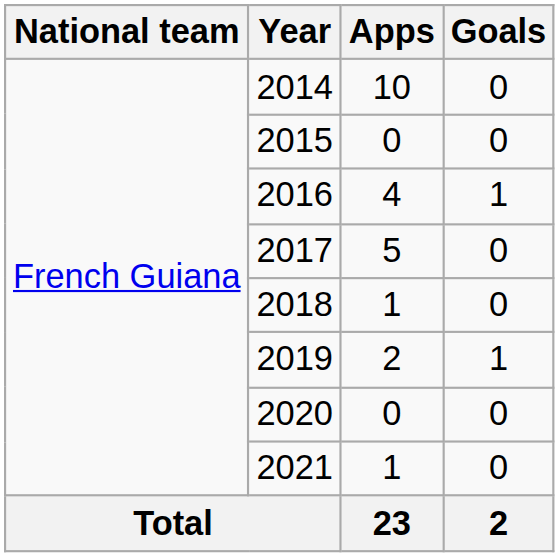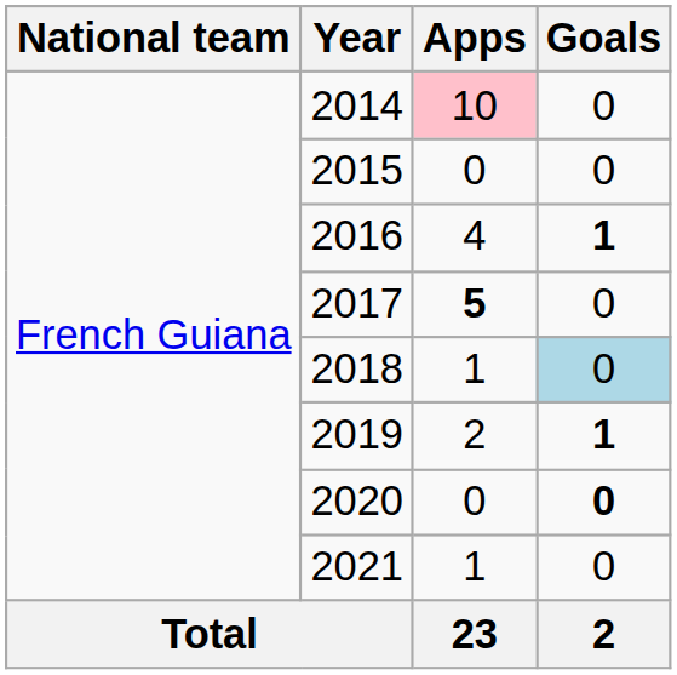 <table class="wikitable" style="text-align:center">
 <tr>
 <th>National team</th>
 <th>Year</th>
 <th>Apps</th>
 <th>Goals</th>
 </tr>
 <tr>
 <td rowspan="8"><a href='#'>French Guiana</a></td>
 <td>2014</td>
-<td>10</td>
+<td style="background: pink;">10</td>
 <td>0</td>
 </tr>
 <tr>
 <td>2015</td>
 <td>0</td>
 <td>0</td>
 </tr>
 <tr>
 <td>2016</td>
 <td>4</td>
-<td>1</td>
+<td><strong>1</strong></td>
 </tr>
 <tr>
 <td>2017</td>
-<td>5</td>
+<td><strong>5</strong></td>
 <td>0</td>
 </tr>
 <tr>
 <td>2018</td>
 <td>1</td>
-<td>0</td>
+<td style="background: lightblue;">0</td>
 </tr>
 <tr>
 <td>2019</td>
 <td>2</td>
-<td>1</td>
+<td><strong>1</strong></td>
 </tr>
 <tr>
 <td>2020</td>
 <td>0</td>
-<td>0</td>
+<td><strong>0</strong></td>
 </tr>
 <tr>
 <td>2021</td>
 <td>1</td>
 <td>0</td>
 </tr>
 <tr>
 <th colspan="2">Total</th>
 <th>23</th>
 <th>2</th>
 </tr>
 </table>
